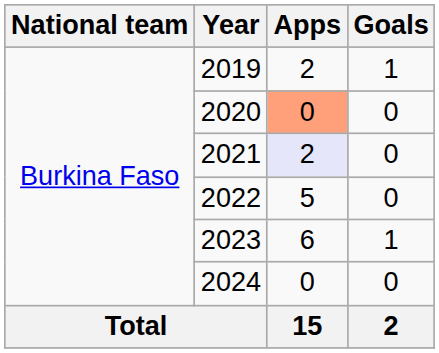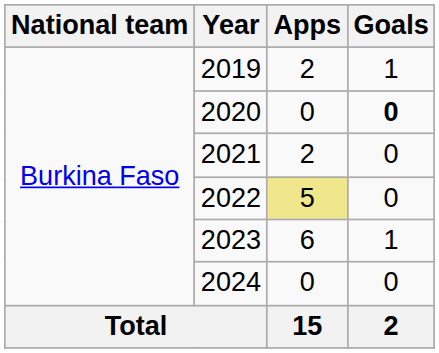 <table class="wikitable" style="text-align:center">
 <tr>
 <th>National team</th>
 <th>Year</th>
 <th>Apps</th>
 <th>Goals</th>
 </tr>
 <tr>
 <td rowspan="6"><a href='#'>Burkina Faso</a></td>
 <td>2019</td>
 <td>2</td>
 <td>1</td>
 </tr>
 <tr>
 <td>2020</td>
-<td style="background: lightsalmon;">0</td>
 <td>0</td>
+<td><strong>0</strong></td>
 </tr>
 <tr>
 <td>2021</td>
-<td style="background: lavender;">2</td>
+<td>2</td>
 <td>0</td>
 </tr>
 <tr>
 <td>2022</td>
-<td>5</td>
+<td style="background: khaki;">5</td>
 <td>0</td>
 </tr>
 <tr>
 <td>2023</td>
 <td>6</td>
 <td>1</td>
 </tr>
 <tr>
 <td>2024</td>
 <td>0</td>
 <td>0</td>
 </tr>
 <tr>
 <th colspan="2">Total</th>
 <th>15</th>
 <th>2</th>
 </tr>
 </table>
